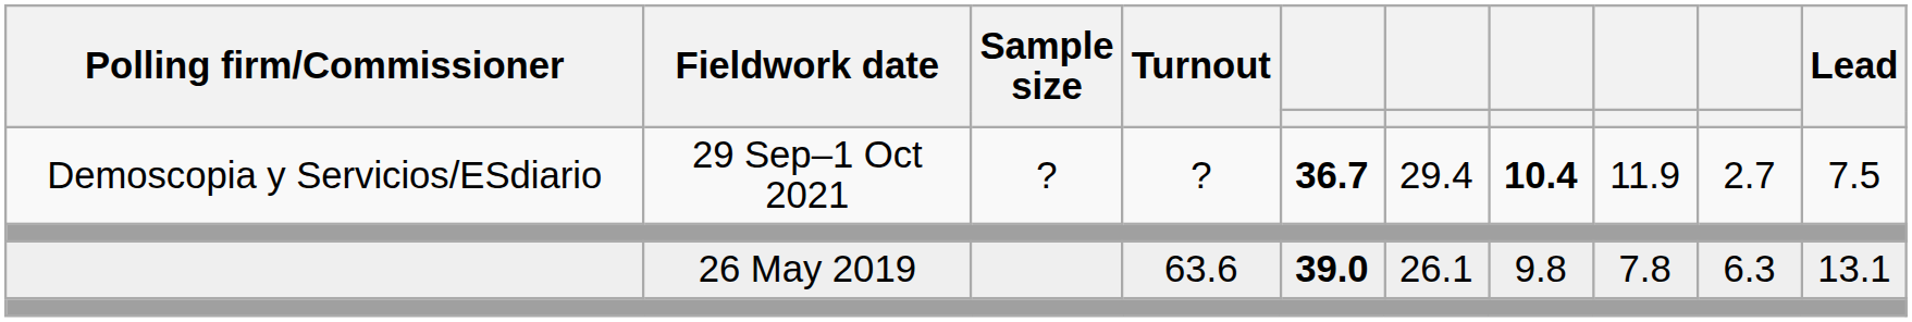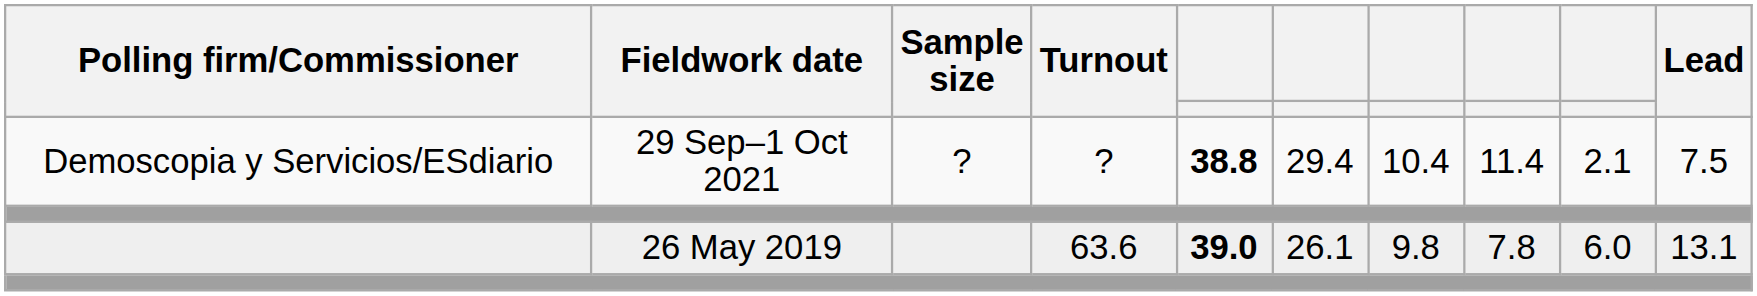 <table class="wikitable collapsible collapsed" style="text-align:center; font-size:95%; line-height:16px;">
 <tr style="height:42px;">
 <th style="width:250px;" rowspan="2">Polling firm/Commissioner</th>
 <th style="width:125px;" rowspan="2">Fieldwork date</th>
 <th style="width:50px;" rowspan="2">Sample size</th>
 <th style="width:45px;" rowspan="2">Turnout</th>
 <th style="width:35px;"></th>
 <th style="width:35px;"></th>
 <th style="width:35px;"></th>
 <th style="width:35px;"></th>
 <th style="width:35px;"></th>
 <th style="width:30px;" rowspan="2">Lead</th>
 </tr>
 <tr>
 <th style="color:inherit;background:"></th>
 <th style="color:inherit;background:"></th>
 <th style="color:inherit;background:"></th>
 <th style="color:inherit;background:"></th>
 <th style="color:inherit;background:"></th>
 </tr>
 <tr>
 <td>Demoscopia y Servicios/ESdiario</td>
 <td>29 Sep–1 Oct 2021</td>
 <td>?</td>
 <td>?</td>
-<td><strong>36.7</strong><br></td>
+<td><strong>38.8</strong><br></td>
 <td>29.4<br></td>
-<td><strong>10.4<br></strong></td>
-<td>11.9<br></td>
-<td>2.7<br></td>
+<td>10.4<br></td>
+<td>11.4<br></td>
+<td>2.1<br></td>
 <td style="background:">7.5</td>
 </tr>
 <tr>
 <td colspan="10" style="background:#A0A0A0"></td>
 </tr>
 <tr style="background:#EFEFEF;">
 <td><strong></strong></td>
 <td>26 May 2019</td>
 <td></td>
 <td>63.6</td>
 <td><strong>39.0</strong><br></td>
 <td>26.1<br></td>
 <td>9.8<br></td>
 <td>7.8<br></td>
-<td>6.3<br></td>
+<td>6.0<br></td>
 <td style="background:">13.1</td>
 </tr>
 <tr>
 <td colspan="10" style="background:#A0A0A0"></td>
 </tr>
 </table>
